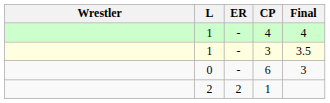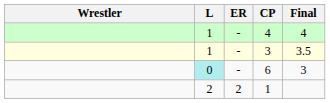 <table class="wikitable" style="text-align: center;" |>
 <tr>
 <th width="250">Wrestler</th>
 <th width="32">L</th>
 <th width="32">ER</th>
 <th width="32">CP</th>
 <th width="50">Final</th>
 </tr>
 <tr bgcolor="ccffcc">
 <td style="text-align:left;"></td>
 <td>1</td>
 <td>-</td>
 <td>4</td>
 <td>4</td>
 </tr>
 <tr bgcolor="lightyellow">
 <td style="text-align:left;"></td>
 <td>1</td>
 <td>-</td>
 <td>3</td>
 <td>3.5</td>
 </tr>
 <tr>
 <td style="text-align:left;"></td>
-<td>0</td>
+<td style="background: paleturquoise;">0</td>
 <td>-</td>
 <td>6</td>
 <td>3</td>
 </tr>
 <tr>
 <td style="text-align:left;"></td>
 <td>2</td>
 <td>2</td>
 <td>1</td>
 </tr>
 </table>
